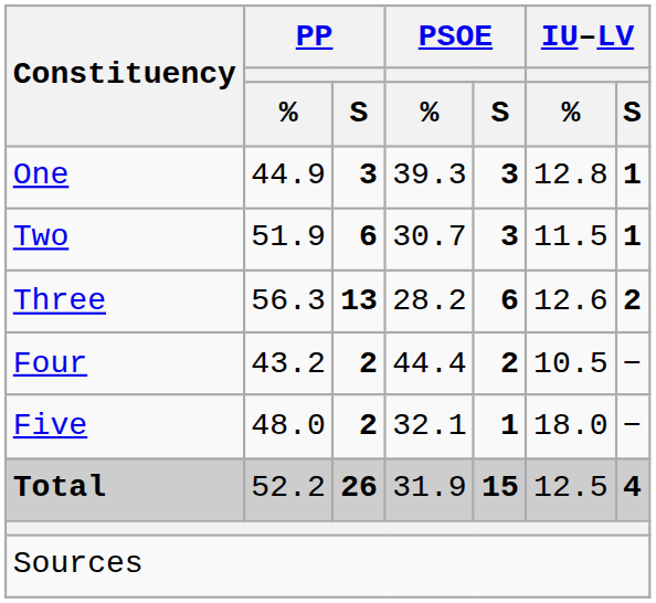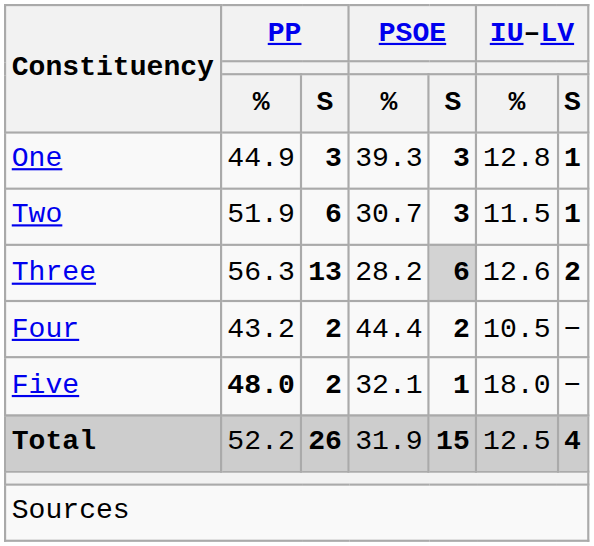 <table class="wikitable sortable" style="text-align:right; line-height:20px;">
 <tr>
 <th rowspan="3">Constituency</th>
 <th colspan="2" width="30px" class="unsortable"><a href='#'>PP</a></th>
 <th colspan="2" width="30px" class="unsortable"><a href='#'>PSOE</a></th>
 <th colspan="2" width="30px" class="unsortable"><a href='#'>IU</a>–<a href='#'>LV</a></th>
 </tr>
 <tr>
 <th colspan="2" style="background:"></th>
 <th colspan="2" style="background:"></th>
 <th colspan="2" style="background:"></th>
 </tr>
 <tr>
 <th data-sort-type="number">%</th>
 <th data-sort-type="number">S</th>
 <th data-sort-type="number">%</th>
 <th data-sort-type="number">S</th>
 <th data-sort-type="number">%</th>
 <th data-sort-type="number">S</th>
 </tr>
 <tr>
 <td align="left"><a href='#'>One</a></td>
 <td style="background:">44.9</td>
 <td><strong>3</strong></td>
 <td>39.3</td>
 <td><strong>3</strong></td>
 <td>12.8</td>
 <td><strong>1</strong></td>
 </tr>
 <tr>
 <td align="left"><a href='#'>Two</a></td>
 <td style="background:">51.9</td>
 <td><strong>6</strong></td>
 <td>30.7</td>
 <td><strong>3</strong></td>
 <td>11.5</td>
 <td><strong>1</strong></td>
 </tr>
 <tr>
 <td align="left"><a href='#'>Three</a></td>
 <td style="background:">56.3</td>
 <td><strong>13</strong></td>
 <td>28.2</td>
-<td><strong>6</strong></td>
+<td style="background: lightgrey;"><strong>6</strong></td>
 <td>12.6</td>
 <td><strong>2</strong></td>
 </tr>
 <tr>
 <td align="left"><a href='#'>Four</a></td>
 <td>43.2</td>
 <td><strong>2</strong></td>
 <td style="background:">44.4</td>
 <td><strong>2</strong></td>
 <td>10.5</td>
 <td>−</td>
 </tr>
 <tr>
 <td align="left"><a href='#'>Five</a></td>
-<td style="background:">48.0</td>
+<td style="background:"><strong>48.0</strong></td>
 <td><strong>2</strong></td>
 <td>32.1</td>
 <td><strong>1</strong></td>
 <td>18.0</td>
 <td>−</td>
 </tr>
 <tr style="background:#CDCDCD;">
 <td align="left"><strong>Total</strong></td>
 <td style="background:">52.2</td>
 <td><strong>26</strong></td>
 <td>31.9</td>
 <td><strong>15</strong></td>
 <td>12.5</td>
 <td><strong>4</strong></td>
 </tr>
 <tr>
 <th colspan="7" bgcolor="#E9E9E9"></th>
 </tr>
 <tr>
 <th style="text-align:left; font-weight:normal; background:#F9F9F9" colspan="7">Sources</th>
 </tr>
 </table>
